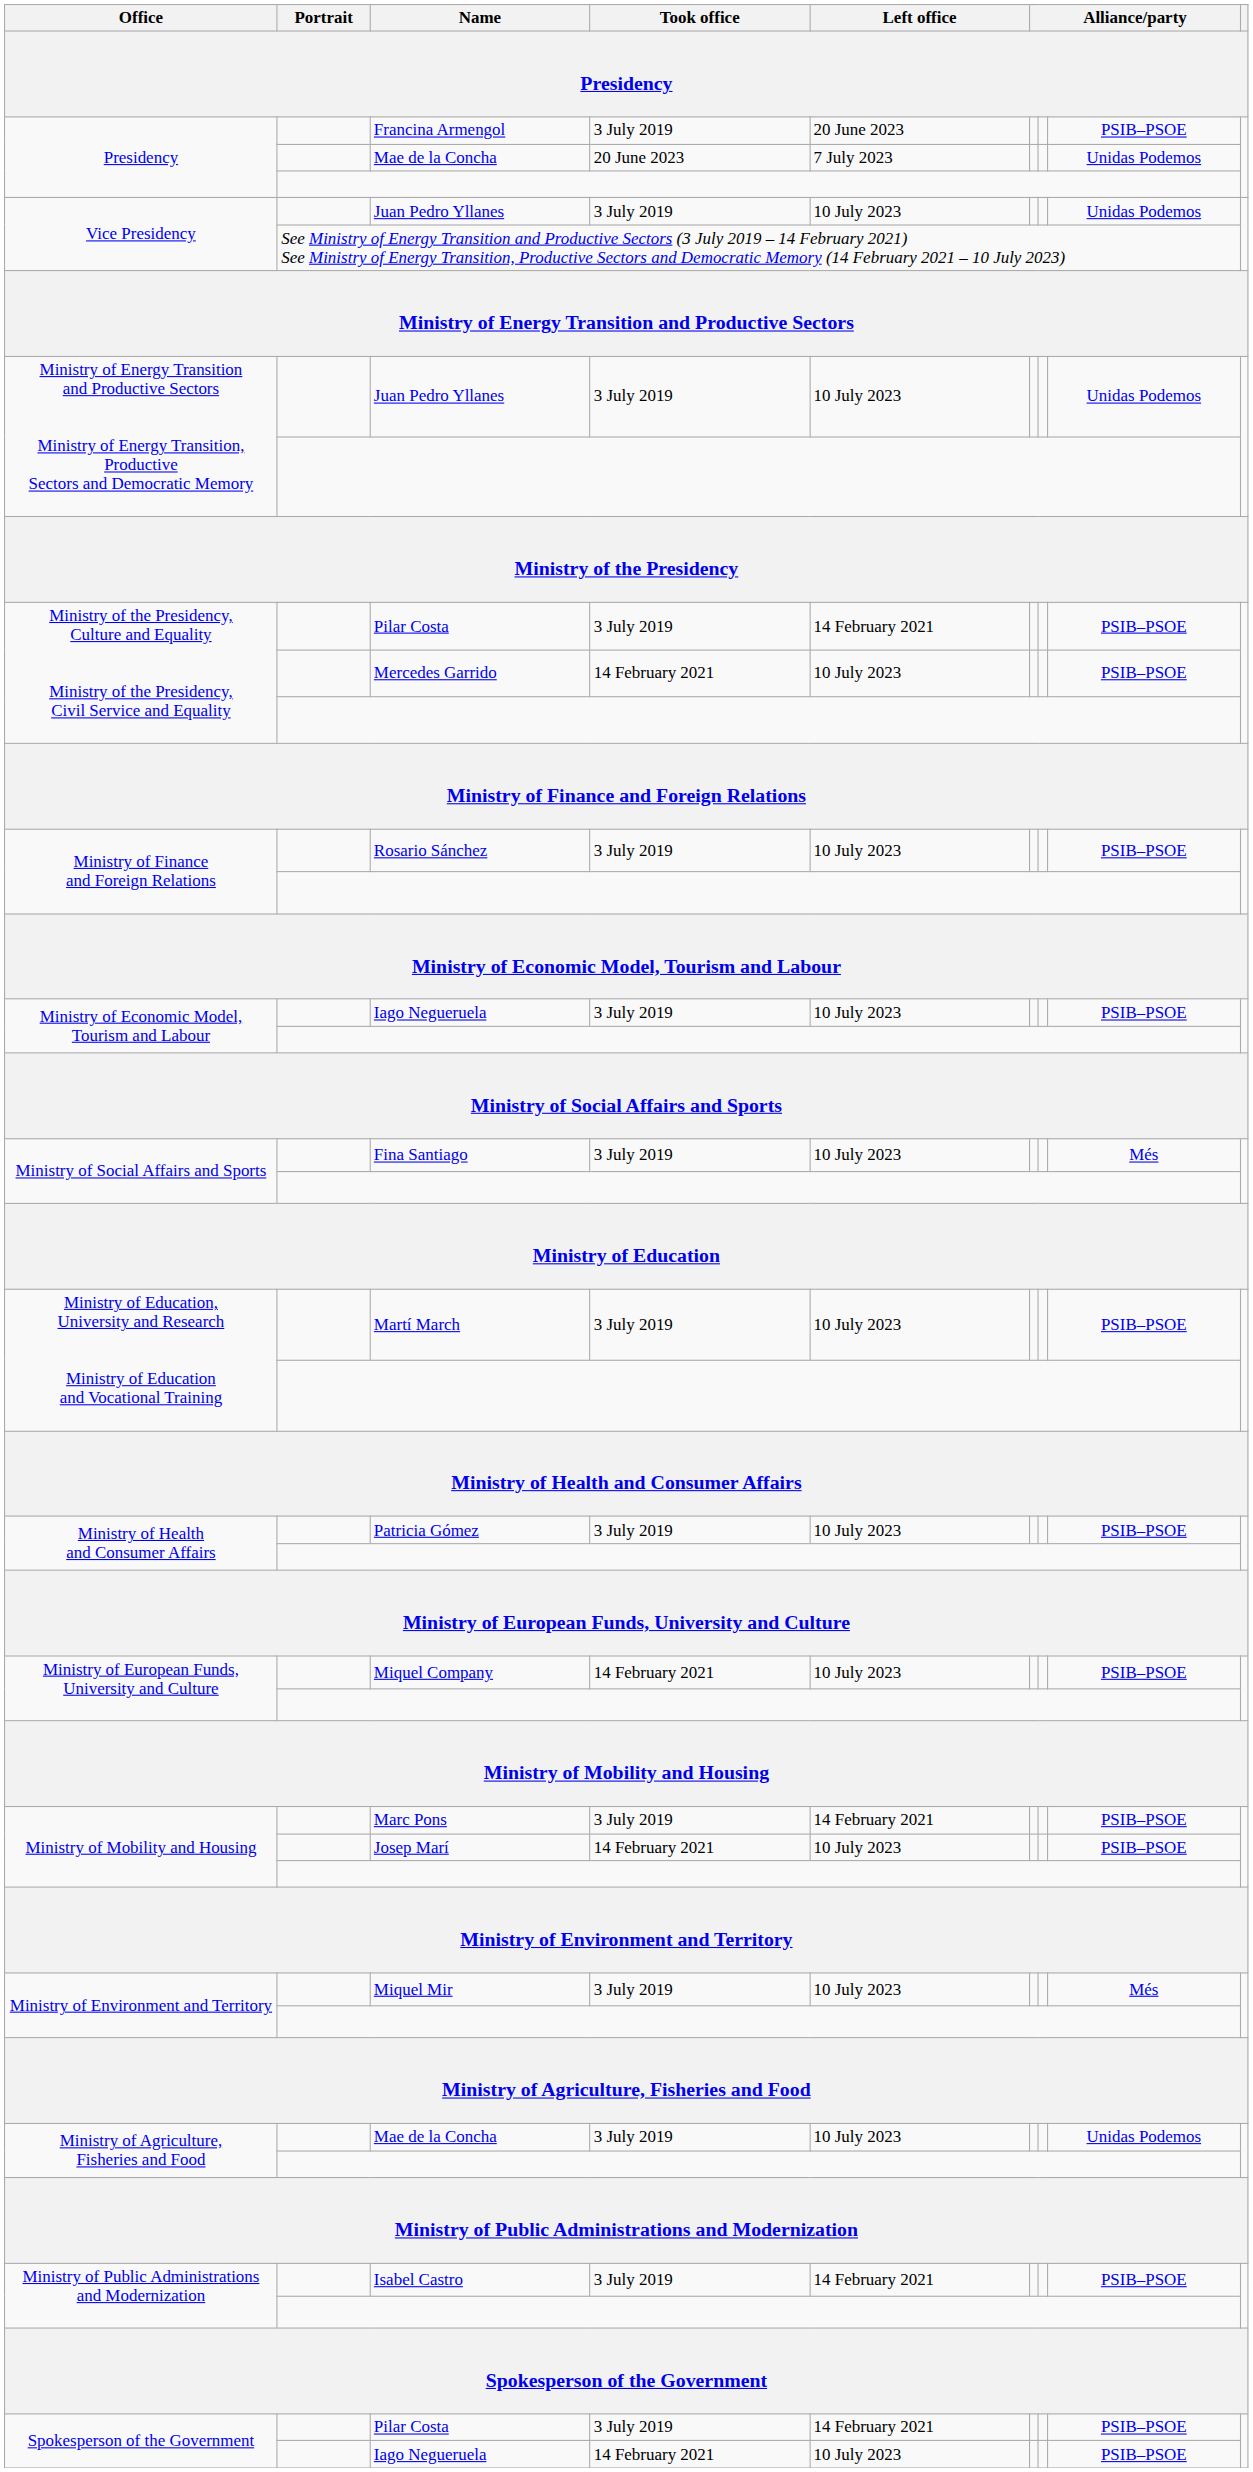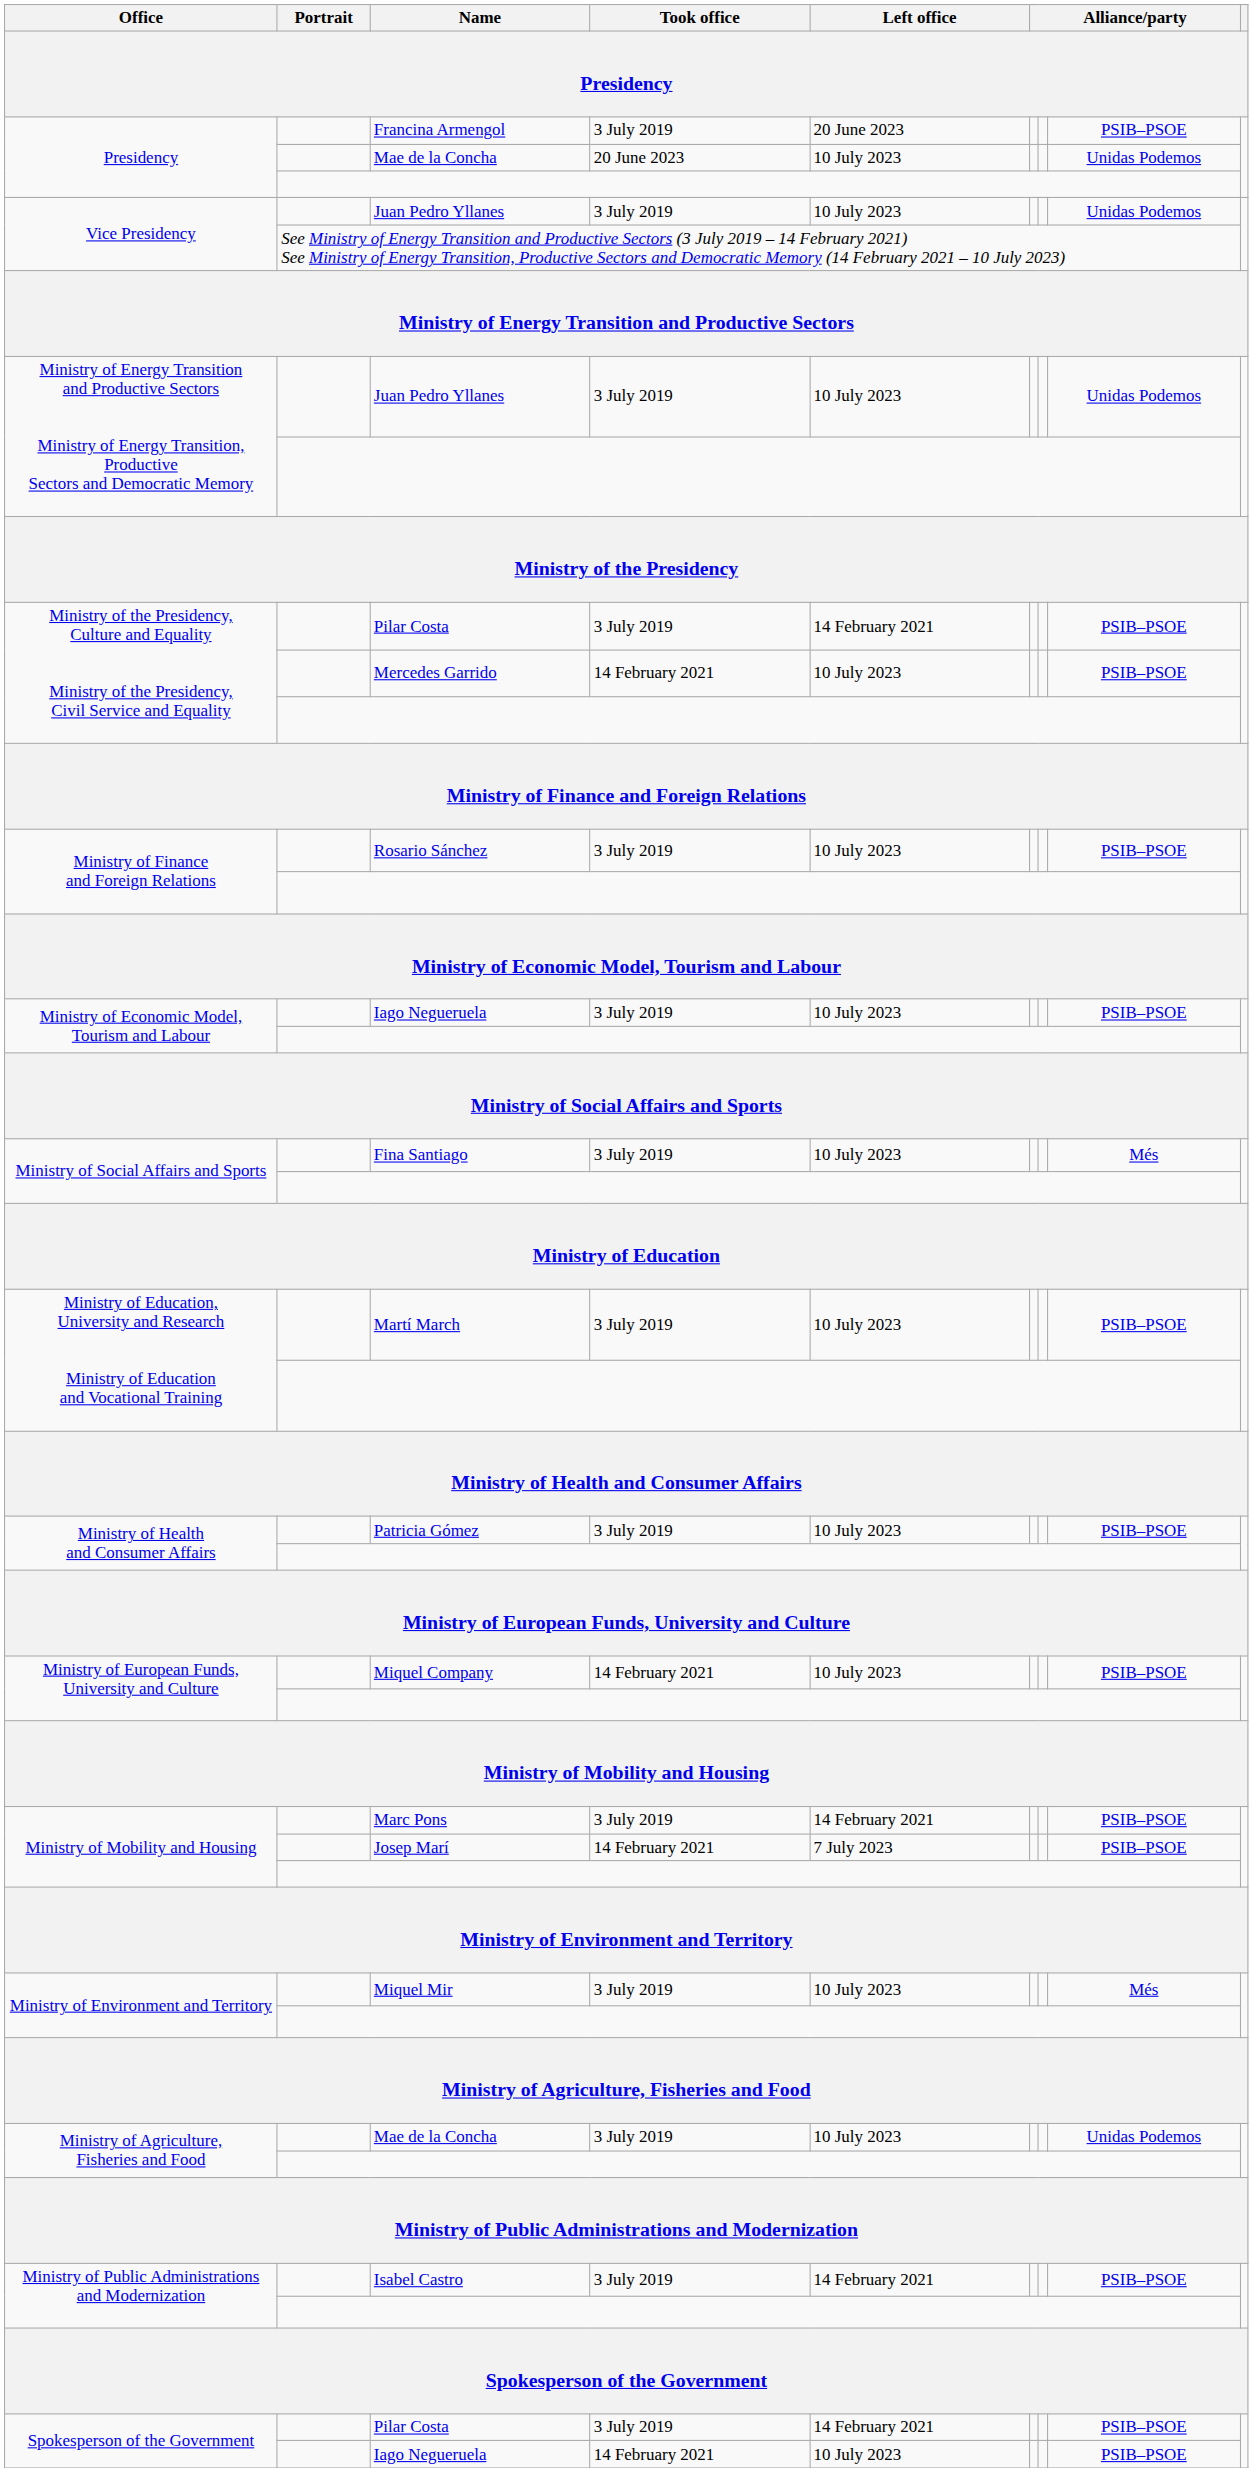 <table class="wikitable" style="line-height:18px;">
 <tr>
 <th scope="col">Office<br></th>
 <th scope="col">Portrait</th>
 <th scope="col">Name</th>
 <th scope="col">Took office</th>
 <th scope="col">Left office</th>
 <th colspan="3" scope="col">Alliance/party</th>
 <th></th>
 </tr>
 <tr>
 <th colspan="9"><br><h3><a href='#'>Presidency</a></h3></th>
 </tr>
 <tr>
 <td align="center" rowspan="3" width="250"><a href='#'>Presidency</a><br></td>
 <td width="80"></td>
 <td width="200"><a href='#'>Francina Armengol</a></td>
 <td>3 July 2019</td>
 <td width="200">20 June 2023</td>
 <td width="1" style="background-color:"></td>
 <td width="1" style="background-color:"></td>
 <td width="175" align="center"><a href='#'>PSIB–PSOE</a></td>
 <td align="center" rowspan="3"><br></td>
 </tr>
 <tr>
 <td width="80"></td>
 <td width="200"><a href='#'>Mae de la Concha</a><br></td>
 <td width="200">20 June 2023</td>
-<td width="200">7 July 2023</td>
+<td>10 July 2023</td>
 <td style="background-color:"></td>
 <td style="background-color:"></td>
 <td align="center"><a href='#'>Unidas Podemos</a><br></td>
 </tr>
 <tr>
 <td colspan="7"><br> </td>
 </tr>
 <tr>
 <td align="center" rowspan="2"><a href='#'>Vice Presidency</a><br></td>
 <td></td>
 <td><a href='#'>Juan Pedro Yllanes</a></td>
 <td>3 July 2019</td>
 <td>10 July 2023</td>
 <td style="background-color:"></td>
 <td style="background-color:"></td>
 <td align="center"><a href='#'>Unidas Podemos</a><br></td>
 <td align="center" rowspan="2"><br></td>
 </tr>
 <tr>
 <td colspan="7"><em>See <a href='#'>Ministry of Energy Transition and Productive Sectors</a> (3 July 2019 – 14 February 2021)<br>See <a href='#'>Ministry of Energy Transition, Productive Sectors and Democratic Memory</a> (14 February 2021 – 10 July 2023)</em></td>
 </tr>
 <tr>
 <th colspan="9"><br><h3><a href='#'>Ministry of Energy Transition and Productive Sectors</a></h3></th>
 </tr>
 <tr>
 <td align="center" rowspan="2"><a href='#'>Ministry of Energy Transition<br>and Productive Sectors</a><br><br><br><a href='#'>Ministry of Energy Transition, Productive<br>Sectors and Democratic Memory</a><br><br></td>
 <td></td>
 <td><a href='#'>Juan Pedro Yllanes</a></td>
 <td>3 July 2019</td>
 <td>10 July 2023</td>
 <td style="background-color:"></td>
 <td style="background-color:"></td>
 <td align="center"><a href='#'>Unidas Podemos</a><br></td>
 <td align="center" rowspan="2"><br><br><br></td>
 </tr>
 <tr>
 <td colspan="7"><br> </td>
 </tr>
 <tr>
 <th colspan="9"><br><h3><a href='#'>Ministry of the Presidency</a></h3></th>
 </tr>
 <tr>
 <td align="center" rowspan="3"><a href='#'>Ministry of the Presidency,<br>Culture and Equality</a><br><br><br><a href='#'>Ministry of the Presidency,<br>Civil Service and Equality</a><br><br></td>
 <td></td>
 <td><a href='#'>Pilar Costa</a></td>
 <td>3 July 2019</td>
 <td>14 February 2021</td>
 <td style="background-color:"></td>
 <td style="background-color:"></td>
 <td align="center"><a href='#'>PSIB–PSOE</a></td>
 <td align="center" rowspan="3"><br><br></td>
 </tr>
 <tr>
 <td></td>
 <td><a href='#'>Mercedes Garrido</a></td>
 <td>14 February 2021</td>
 <td>10 July 2023</td>
 <td style="background-color:"></td>
 <td style="background-color:"></td>
 <td align="center"><a href='#'>PSIB–PSOE</a></td>
 </tr>
 <tr>
 <td colspan="7"><br> </td>
 </tr>
 <tr>
 <th colspan="9"><br><h3><a href='#'>Ministry of Finance and Foreign Relations</a></h3></th>
 </tr>
 <tr>
 <td align="center" rowspan="2"><a href='#'>Ministry of Finance<br>and Foreign Relations</a><br></td>
 <td></td>
 <td><a href='#'>Rosario Sánchez</a></td>
 <td>3 July 2019</td>
 <td>10 July 2023</td>
 <td style="background-color:"></td>
 <td style="background-color:"></td>
 <td align="center"><a href='#'>PSIB–PSOE</a></td>
 <td align="center" rowspan="2"><br><br><br><br></td>
 </tr>
 <tr>
 <td colspan="7"><br>  </td>
 </tr>
 <tr>
 <th colspan="9"><br><h3><a href='#'>Ministry of Economic Model, Tourism and Labour</a></h3></th>
 </tr>
 <tr>
 <td align="center" rowspan="2"><a href='#'>Ministry of Economic Model,<br>Tourism and Labour</a><br></td>
 <td></td>
 <td><a href='#'>Iago Negueruela</a></td>
 <td>3 July 2019</td>
 <td>10 July 2023</td>
 <td style="background-color:"></td>
 <td style="background-color:"></td>
 <td align="center"><a href='#'>PSIB–PSOE</a></td>
 <td align="center" rowspan="2"><br><br></td>
 </tr>
 <tr>
 <td colspan="7"><br></td>
 </tr>
 <tr>
 <th colspan="9"><br><h3><a href='#'>Ministry of Social Affairs and Sports</a></h3></th>
 </tr>
 <tr>
 <td align="center" rowspan="2"><a href='#'>Ministry of Social Affairs and Sports</a><br></td>
 <td></td>
 <td><a href='#'>Fina Santiago</a></td>
 <td>3 July 2019</td>
 <td>10 July 2023</td>
 <td style="background-color:"></td>
 <td style="background-color:"></td>
 <td align="center"><a href='#'>Més</a></td>
 <td align="center" rowspan="2"><br><br><br></td>
 </tr>
 <tr>
 <td colspan="7"><br> </td>
 </tr>
 <tr>
 <th colspan="9"><br><h3><a href='#'>Ministry of Education</a></h3></th>
 </tr>
 <tr>
 <td align="center" rowspan="2"><a href='#'>Ministry of Education,<br>University and Research</a><br><br><br><a href='#'>Ministry of Education<br>and Vocational Training</a><br><br></td>
 <td></td>
 <td><a href='#'>Martí March</a></td>
 <td>3 July 2019</td>
 <td>10 July 2023</td>
 <td style="background-color:"></td>
 <td style="background-color:"></td>
 <td align="center"><a href='#'>PSIB–PSOE</a><br></td>
 <td align="center" rowspan="2"><br><br></td>
 </tr>
 <tr>
 <td colspan="7"><br> </td>
 </tr>
 <tr>
 <th colspan="9"><br><h3><a href='#'>Ministry of Health and Consumer Affairs</a></h3></th>
 </tr>
 <tr>
 <td align="center" rowspan="2"><a href='#'>Ministry of Health<br>and Consumer Affairs</a><br></td>
 <td></td>
 <td><a href='#'>Patricia Gómez</a></td>
 <td>3 July 2019</td>
 <td>10 July 2023</td>
 <td style="background-color:"></td>
 <td style="background-color:"></td>
 <td align="center"><a href='#'>PSIB–PSOE</a></td>
 <td align="center" rowspan="2"><br><br></td>
 </tr>
 <tr>
 <td colspan="7"><br></td>
 </tr>
 <tr>
 <th colspan="9"><br><h3><a href='#'>Ministry of European Funds, University and Culture</a></h3></th>
 </tr>
 <tr>
 <td align="center" rowspan="2"><a href='#'>Ministry of European Funds,<br>University and Culture</a><br><br></td>
 <td></td>
 <td><a href='#'>Miquel Company</a></td>
 <td>14 February 2021</td>
 <td>10 July 2023</td>
 <td style="background-color:"></td>
 <td style="background-color:"></td>
 <td align="center"><a href='#'>PSIB–PSOE</a></td>
 <td align="center" rowspan="2"><br></td>
 </tr>
 <tr>
 <td colspan="7"><br></td>
 </tr>
 <tr>
 <th colspan="9"><br><h3><a href='#'>Ministry of Mobility and Housing</a></h3></th>
 </tr>
 <tr>
 <td align="center" rowspan="3"><a href='#'>Ministry of Mobility and Housing</a><br></td>
 <td></td>
 <td><a href='#'>Marc Pons</a></td>
 <td>3 July 2019</td>
 <td>14 February 2021</td>
 <td style="background-color:"></td>
 <td style="background-color:"></td>
 <td align="center"><a href='#'>PSIB–PSOE</a></td>
 <td align="center" rowspan="3"><br><br></td>
 </tr>
 <tr>
 <td></td>
 <td><a href='#'>Josep Marí</a></td>
 <td>14 February 2021</td>
-<td>10 July 2023</td>
+<td width="200">7 July 2023</td>
 <td style="background-color:"></td>
 <td style="background-color:"></td>
 <td align="center"><a href='#'>PSIB–PSOE</a></td>
 </tr>
 <tr>
 <td colspan="7"><br> </td>
 </tr>
 <tr>
 <th colspan="9"><br><h3><a href='#'>Ministry of Environment and Territory</a></h3></th>
 </tr>
 <tr>
 <td align="center" rowspan="2"><a href='#'>Ministry of Environment and Territory</a><br></td>
 <td></td>
 <td><a href='#'>Miquel Mir</a></td>
 <td>3 July 2019</td>
 <td>10 July 2023</td>
 <td style="background-color:"></td>
 <td style="background-color:"></td>
 <td align="center"><a href='#'>Més</a></td>
 <td align="center" rowspan="2"><br><br><br></td>
 </tr>
 <tr>
 <td colspan="7"><br></td>
 </tr>
 <tr>
 <th colspan="9"><br><h3><a href='#'>Ministry of Agriculture, Fisheries and Food</a></h3></th>
 </tr>
 <tr>
 <td align="center" rowspan="2"><a href='#'>Ministry of Agriculture,<br>Fisheries and Food</a><br></td>
 <td></td>
 <td><a href='#'>Mae de la Concha</a></td>
 <td>3 July 2019</td>
 <td>10 July 2023</td>
 <td style="background-color:"></td>
 <td style="background-color:"></td>
 <td align="center"><a href='#'>Unidas Podemos</a><br></td>
 <td align="center" rowspan="2"><br><br></td>
 </tr>
 <tr>
 <td colspan="7"><br></td>
 </tr>
 <tr>
 <th colspan="9"><br><h3><a href='#'>Ministry of Public Administrations and Modernization</a></h3></th>
 </tr>
 <tr>
 <td align="center" rowspan="2"><a href='#'>Ministry of Public Administrations<br>and Modernization</a><br><br></td>
 <td></td>
 <td><a href='#'>Isabel Castro</a></td>
 <td>3 July 2019</td>
 <td>14 February 2021</td>
 <td style="background-color:"></td>
 <td style="background-color:"></td>
 <td align="center"><a href='#'>PSIB–PSOE</a></td>
 <td align="center" rowspan="2"><br><br><br></td>
 </tr>
 <tr>
 <td colspan="7"><br></td>
 </tr>
 <tr>
 <th colspan="9"><br><h3><a href='#'>Spokesperson of the Government</a></h3></th>
 </tr>
 <tr>
 <td align="center" rowspan="2"><a href='#'>Spokesperson of the Government</a><br></td>
 <td></td>
 <td><a href='#'>Pilar Costa</a></td>
 <td>3 July 2019</td>
 <td>14 February 2021</td>
 <td style="background-color:"></td>
 <td style="background-color:"></td>
 <td align="center"><a href='#'>PSIB–PSOE</a></td>
 <td align="center" rowspan="2"></td>
 </tr>
 <tr>
 <td></td>
 <td><a href='#'>Iago Negueruela</a></td>
 <td>14 February 2021</td>
 <td>10 July 2023</td>
 <td style="background-color:"></td>
 <td style="background-color:"></td>
 <td align="center"><a href='#'>PSIB–PSOE</a></td>
 </tr>
 </table>
